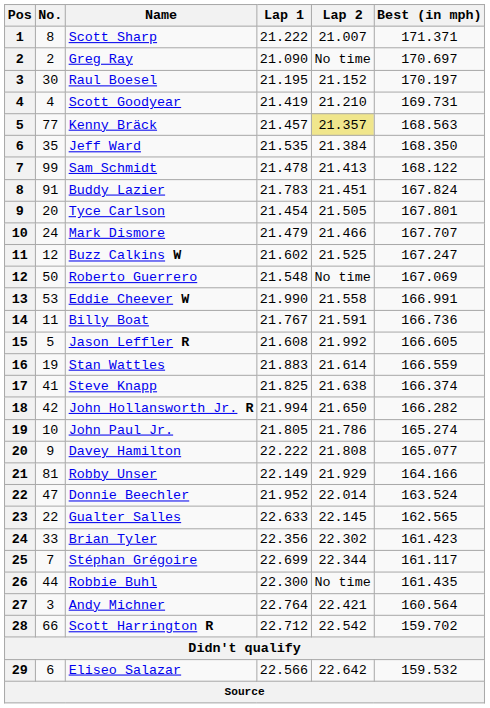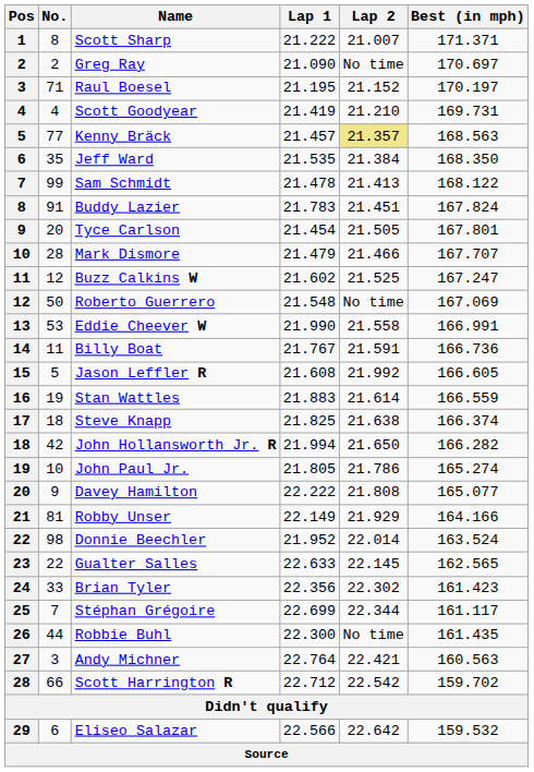 <table class="wikitable sortable" " style="fontsize:95%">
 <tr>
 <th>Pos</th>
 <th>No.</th>
 <th>Name</th>
 <th>Lap 1</th>
 <th>Lap 2</th>
 <th>Best (in mph)</th>
 </tr>
 <tr>
 <th scope="row">1</th>
 <td align=center>8</td>
 <td> <a href='#'>Scott Sharp</a></td>
 <td align=center>21.222</td>
 <td align=center>21.007</td>
 <td align=center>171.371</td>
 </tr>
 <tr>
 <th scope="row">2</th>
 <td align=center>2</td>
 <td> <a href='#'>Greg Ray</a></td>
 <td align=center>21.090</td>
 <td align=center>No time</td>
 <td align=center>170.697</td>
 </tr>
 <tr>
 <th scope="row">3</th>
-<td align=center>30</td>
+<td align=center>71</td>
 <td> <a href='#'>Raul Boesel</a></td>
 <td align=center>21.195</td>
 <td align=center>21.152</td>
 <td align=center>170.197</td>
 </tr>
 <tr>
 <th scope="row">4</th>
 <td align=center>4</td>
 <td> <a href='#'>Scott Goodyear</a></td>
 <td align=center>21.419</td>
 <td align=center>21.210</td>
 <td align=center>169.731</td>
 </tr>
 <tr>
 <th scope="row">5</th>
 <td align=center>77</td>
 <td> <a href='#'>Kenny Bräck</a></td>
 <td align=center>21.457</td>
 <td align=center style="background: khaki;">21.357</td>
 <td align=center>168.563</td>
 </tr>
 <tr>
 <th scope="row">6</th>
 <td align=center>35</td>
 <td> <a href='#'>Jeff Ward</a></td>
 <td align=center>21.535</td>
 <td align=center>21.384</td>
 <td align=center>168.350</td>
 </tr>
 <tr>
 <th scope="row">7</th>
 <td align=center>99</td>
 <td> <a href='#'>Sam Schmidt</a></td>
 <td align=center>21.478</td>
 <td align=center>21.413</td>
 <td align=center>168.122</td>
 </tr>
 <tr>
 <th scope="row">8</th>
 <td align=center>91</td>
 <td> <a href='#'>Buddy Lazier</a></td>
 <td align=center>21.783</td>
 <td align=center>21.451</td>
 <td align=center>167.824</td>
 </tr>
 <tr>
 <th scope="row">9</th>
 <td align=center>20</td>
 <td> <a href='#'>Tyce Carlson</a></td>
 <td align=center>21.454</td>
 <td align=center>21.505</td>
 <td align=center>167.801</td>
 </tr>
 <tr>
 <th scope="row">10</th>
-<td align=center>24</td>
+<td align=center>28</td>
 <td> <a href='#'>Mark Dismore</a></td>
 <td align=center>21.479</td>
 <td align=center>21.466</td>
 <td align=center>167.707</td>
 </tr>
 <tr>
 <th scope="row">11</th>
 <td align=center>12</td>
 <td> <a href='#'>Buzz Calkins</a> <strong><span>W</span></strong></td>
 <td align=center>21.602</td>
 <td align=center>21.525</td>
 <td align=center>167.247</td>
 </tr>
 <tr>
 <th scope="row">12</th>
 <td align=center>50</td>
 <td> <a href='#'>Roberto Guerrero</a></td>
 <td align=center>21.548</td>
 <td align=center>No time</td>
 <td align=center>167.069</td>
 </tr>
 <tr>
 <th scope="row">13</th>
 <td align=center>53</td>
 <td> <a href='#'>Eddie Cheever</a> <strong><span>W</span></strong></td>
 <td align=center>21.990</td>
 <td align=center>21.558</td>
 <td align=center>166.991</td>
 </tr>
 <tr>
 <th scope="row">14</th>
 <td align=center>11</td>
 <td> <a href='#'>Billy Boat</a></td>
 <td align=center>21.767</td>
 <td align=center>21.591</td>
 <td align=center>166.736</td>
 </tr>
 <tr>
 <th scope="row">15</th>
 <td align=center>5</td>
 <td> <a href='#'>Jason Leffler</a> <strong><span>R</span></strong></td>
 <td align=center>21.608</td>
 <td align=center>21.992</td>
 <td align=center>166.605</td>
 </tr>
 <tr>
 <th scope="row">16</th>
 <td align=center>19</td>
 <td> <a href='#'>Stan Wattles</a></td>
 <td align=center>21.883</td>
 <td align=center>21.614</td>
 <td align=center>166.559</td>
 </tr>
 <tr>
 <th scope="row">17</th>
-<td align=center>41</td>
+<td align=center>18</td>
 <td> <a href='#'>Steve Knapp</a></td>
 <td align=center>21.825</td>
 <td align=center>21.638</td>
 <td align=center>166.374</td>
 </tr>
 <tr>
 <th scope="row">18</th>
 <td align=center>42</td>
 <td> <a href='#'>John Hollansworth Jr.</a> <strong><span>R</span></strong></td>
 <td align=center>21.994</td>
 <td align=center>21.650</td>
 <td align=center>166.282</td>
 </tr>
 <tr>
 <th scope="row">19</th>
 <td align=center>10</td>
 <td> <a href='#'>John Paul Jr.</a></td>
 <td align=center>21.805</td>
 <td align=center>21.786</td>
 <td align=center>165.274</td>
 </tr>
 <tr>
 <th scope="row">20</th>
 <td align=center>9</td>
 <td> <a href='#'>Davey Hamilton</a></td>
 <td align=center>22.222</td>
 <td align=center>21.808</td>
 <td align=center>165.077</td>
 </tr>
 <tr>
 <th scope="row">21</th>
 <td align=center>81</td>
 <td> <a href='#'>Robby Unser</a></td>
 <td align=center>22.149</td>
 <td align=center>21.929</td>
 <td align=center>164.166</td>
 </tr>
 <tr>
 <th scope="row">22</th>
-<td align=center>47</td>
+<td align=center>98</td>
 <td> <a href='#'>Donnie Beechler</a></td>
 <td align=center>21.952</td>
 <td align=center>22.014</td>
 <td align=center>163.524</td>
 </tr>
 <tr>
 <th scope="row">23</th>
 <td align=center>22</td>
 <td> <a href='#'>Gualter Salles</a></td>
 <td align=center>22.633</td>
 <td align=center>22.145</td>
 <td align=center>162.565</td>
 </tr>
 <tr>
 <th scope="row">24</th>
 <td align=center>33</td>
 <td> <a href='#'>Brian Tyler</a></td>
 <td align=center>22.356</td>
 <td align=center>22.302</td>
 <td align=center>161.423</td>
 </tr>
 <tr>
 <th scope="row">25</th>
 <td align=center>7</td>
 <td> <a href='#'>Stéphan Grégoire</a></td>
 <td align=center>22.699</td>
 <td align=center>22.344</td>
 <td align=center>161.117</td>
 </tr>
 <tr>
 <th scope="row">26</th>
 <td align=center>44</td>
 <td> <a href='#'>Robbie Buhl</a></td>
 <td align=center>22.300</td>
 <td align=center>No time</td>
 <td align=center>161.435</td>
 </tr>
 <tr>
 <th scope="row">27</th>
 <td align=center>3</td>
 <td> <a href='#'>Andy Michner</a></td>
 <td align=center>22.764</td>
 <td align=center>22.421</td>
-<td align=center>160.564</td>
+<td align=center>160.563</td>
 </tr>
 <tr>
 <th scope="row">28</th>
 <td align=center>66</td>
 <td> <a href='#'>Scott Harrington</a> <strong><span>R</span></strong></td>
 <td align=center>22.712</td>
 <td align=center>22.542</td>
 <td align=center>159.702</td>
 </tr>
 <tr>
 <th colspan="6">Didn't qualify</th>
 </tr>
 <tr>
 <th scope="row">29</th>
 <td align=center>6</td>
 <td> <a href='#'>Eliseo Salazar</a></td>
 <td align=center>22.566</td>
 <td align=center>22.642</td>
 <td align=center>159.532</td>
 </tr>
 <tr>
 <th colspan=6 align=center><small>Source</small></th>
 </tr>
 </table>
